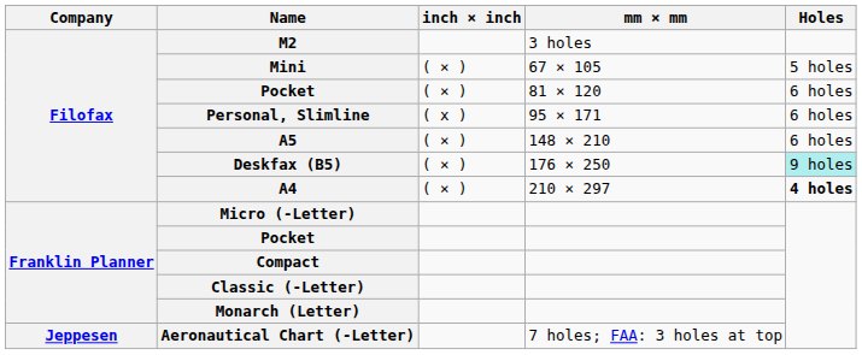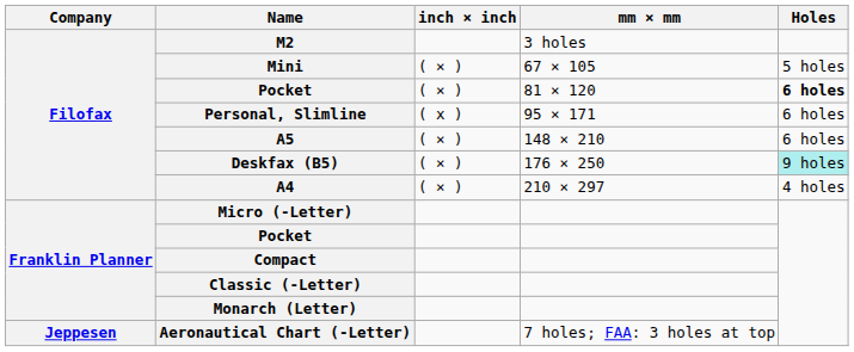 <table class="wikitable">
 <tr>
 <th>Company</th>
 <th>Name</th>
 <th>inch × inch</th>
 <th>mm × mm</th>
 <th>Holes</th>
 </tr>
 <tr>
 <th rowspan=7><a href='#'>Filofax</a></th>
 <th>M2</th>
 <td></td>
 <td>3 holes</td>
 </tr>
 <tr>
 <th>Mini</th>
 <td>( × )</td>
 <td>67 × 105</td>
 <td>5 holes</td>
 </tr>
 <tr>
 <th>Pocket</th>
 <td>( × )</td>
 <td>81 × 120</td>
-<td>6 holes</td>
+<td><strong>6 holes</strong></td>
 </tr>
 <tr>
 <th>Personal, Slimline</th>
 <td>( x )</td>
 <td>95 × 171 </td>
 <td>6 holes</td>
 </tr>
 <tr>
 <th>A5</th>
 <td>( × )</td>
 <td>148 × 210</td>
 <td>6 holes</td>
 </tr>
 <tr>
 <th>Deskfax (B5)</th>
 <td>( × )</td>
 <td>176 × 250</td>
 <td style="background: paleturquoise;">9 holes</td>
 </tr>
 <tr>
 <th>A4</th>
 <td>( × )</td>
 <td>210 × 297</td>
-<td><strong>4 holes</strong></td>
+<td>4 holes</td>
 </tr>
 <tr>
 <th rowspan=5><a href='#'>Franklin Planner</a></th>
 <th>Micro (-Letter)</th>
 <td></td>
 <td></td>
 </tr>
 <tr>
 <th>Pocket</th>
 <td></td>
 <td></td>
 </tr>
 <tr>
 <th>Compact</th>
 <td></td>
 <td></td>
 </tr>
 <tr>
 <th>Classic (-Letter)</th>
 <td></td>
 <td></td>
 </tr>
 <tr>
 <th>Monarch (Letter)</th>
 <td></td>
 <td></td>
 </tr>
 <tr>
 <th><a href='#'>Jeppesen</a></th>
 <th>Aeronautical Chart (-Letter)</th>
 <td></td>
 <td>7 holes; <a href='#'>FAA</a>: 3 holes at top</td>
 </tr>
 </table>
